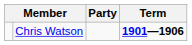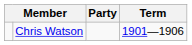 <table class="wikitable">
 <tr>
 <th colspan="2">Member</th>
 <th>Party</th>
 <th>Term</th>
 </tr>
 <tr>
 <td> </td>
 <td><a href='#'>Chris Watson</a></td>
 <td></td>
-<td><strong><a href='#'>1901</a>—1906</strong></td>
+<td><a href='#'>1901</a>—1906</td>
 </tr>
 </table>
